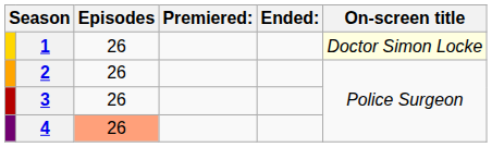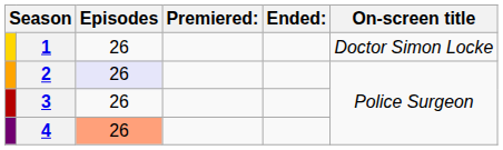 <table class=wikitable style="text-align:center">
 <tr>
 <th colspan=2>Season</th>
 <th>Episodes</th>
 <th>Premiered:</th>
 <th>Ended:</th>
 <th>On-screen title</th>
 </tr>
 <tr>
 <td style="width:3px; background:#FFD700"></td>
 <th><a href='#'>1</a></th>
 <td>26</td>
 <td></td>
 <td></td>
-<td style="background: lightyellow;"><em>Doctor Simon Locke</em></td>
+<td><em>Doctor Simon Locke</em></td>
 </tr>
 <tr>
 <td bgcolor="FFA500"></td>
 <th><a href='#'>2</a></th>
-<td>26</td>
+<td style="background: lavender;">26</td>
 <td></td>
 <td></td>
 <td rowspan=3><em>Police Surgeon</em></td>
 </tr>
 <tr>
 <td bgcolor="B50000"></td>
 <th><a href='#'>3</a></th>
 <td>26</td>
 <td></td>
 <td></td>
 </tr>
 <tr>
 <td bgcolor="700070"></td>
 <th><a href='#'>4</a></th>
 <td style="background: lightsalmon;">26</td>
 <td></td>
 <td></td>
 </tr>
 </table>
